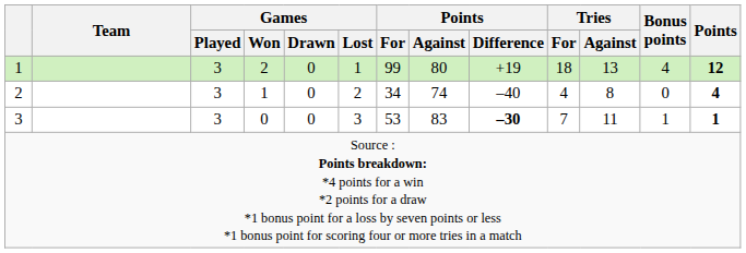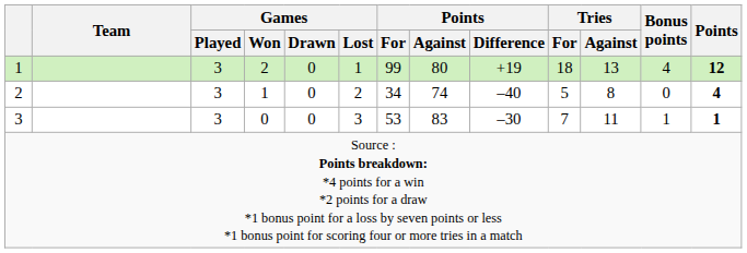 <table class="wikitable" style="text-align: center;">
 <tr>
 <th rowspan="2" bgcolor="#efefef" width="20"></th>
 <th rowspan="2" bgcolor="#efefef" width="150">Team</th>
 <th colspan="4" bgcolor="#efefef" width="100">Games</th>
 <th colspan="3" bgcolor="#efefef" width="60">Points</th>
 <th colspan="2" bgcolor="#efefef" width="40">Tries</th>
 <th rowspan="2" bgcolor="#efefef" width="40">Bonus points</th>
 <th rowspan="2" bgcolor="#efefef" width="20">Points</th>
 </tr>
 <tr>
 <th bgcolor="#efefef" width="20">Played</th>
 <th bgcolor="#efefef" width="20">Won</th>
 <th bgcolor="#efefef" width="20">Drawn</th>
 <th bgcolor="#efefef" width="20">Lost</th>
 <th bgcolor="#efefef" width="20">For</th>
 <th bgcolor="#efefef" width="20">Against</th>
 <th bgcolor="#efefef" width="20">Difference</th>
 <th bgcolor="#efefef" width="20">For</th>
 <th bgcolor="#efefef" width="20">Against<br></th>
 </tr>
 <tr style="background:#D0F0C0; text-align:center;">
 <td>1</td>
 <td align=left></td>
 <td>3</td>
 <td>2</td>
 <td>0</td>
 <td>1</td>
 <td>99</td>
 <td>80</td>
 <td>+19</td>
 <td>18</td>
 <td>13</td>
 <td>4</td>
 <td><strong>12</strong></td>
 </tr>
 <tr style="background:#fff; text-align:center;">
 <td>2</td>
 <td align=left></td>
 <td>3</td>
 <td>1</td>
 <td>0</td>
 <td>2</td>
 <td>34</td>
 <td>74</td>
 <td>–40</td>
-<td>4</td>
+<td>5</td>
 <td>8</td>
 <td>0</td>
 <td><strong>4</strong></td>
 </tr>
 <tr style="background:#fff; text-align:center;">
 <td>3</td>
 <td align=left></td>
 <td>3</td>
 <td>0</td>
 <td>0</td>
 <td>3</td>
 <td>53</td>
 <td>83</td>
-<td><strong>–30</strong></td>
+<td>–30</td>
 <td>7</td>
 <td>11</td>
 <td>1</td>
 <td><strong>1</strong></td>
 </tr>
 <tr |align=left|>
 <td colspan="14" style="border:0;"><small>Source : <br><strong>Points breakdown:</strong><br>*4 points for a win<br>*2 points for a draw<br>*1 bonus point for a loss by seven points or less<br>*1 bonus point for scoring four or more tries in a match</small></td>
 </tr>
 </table>
